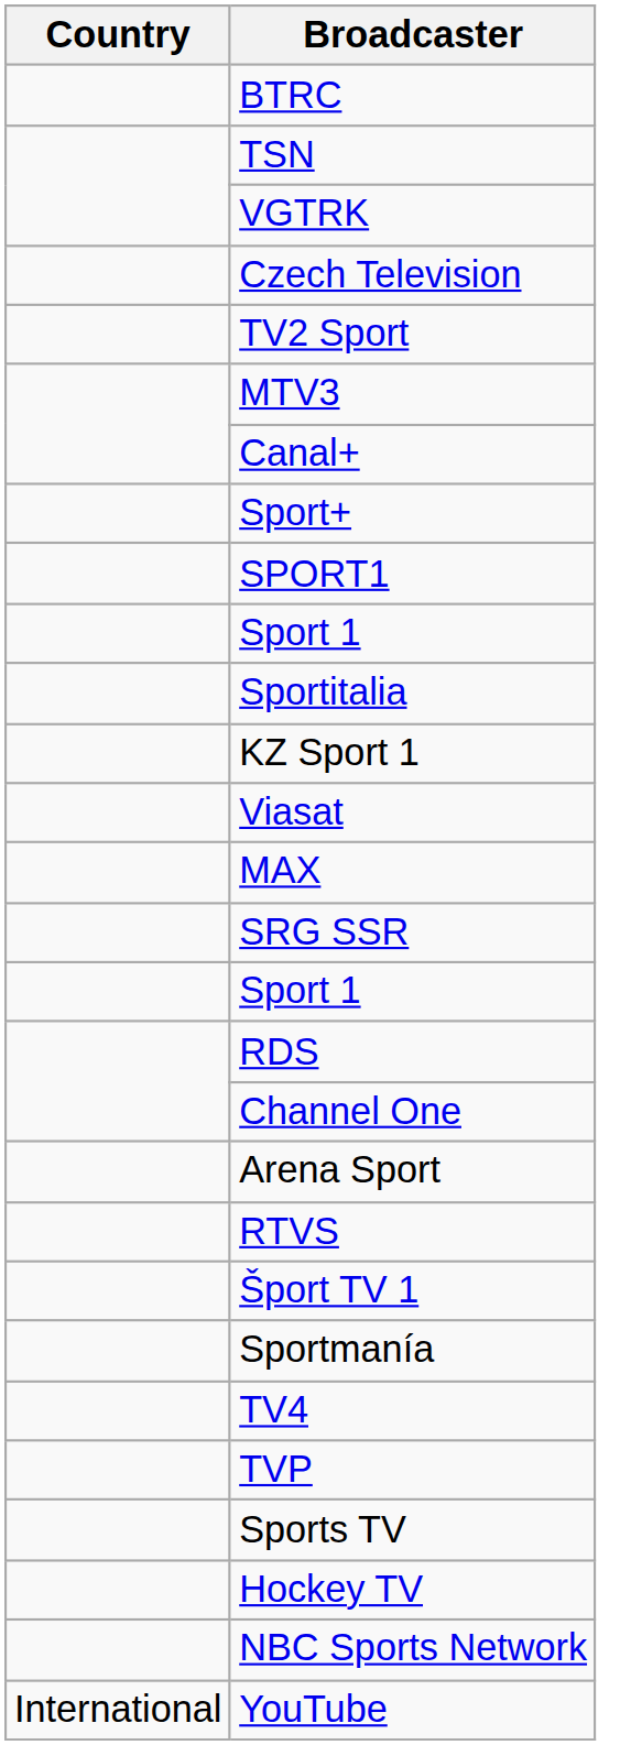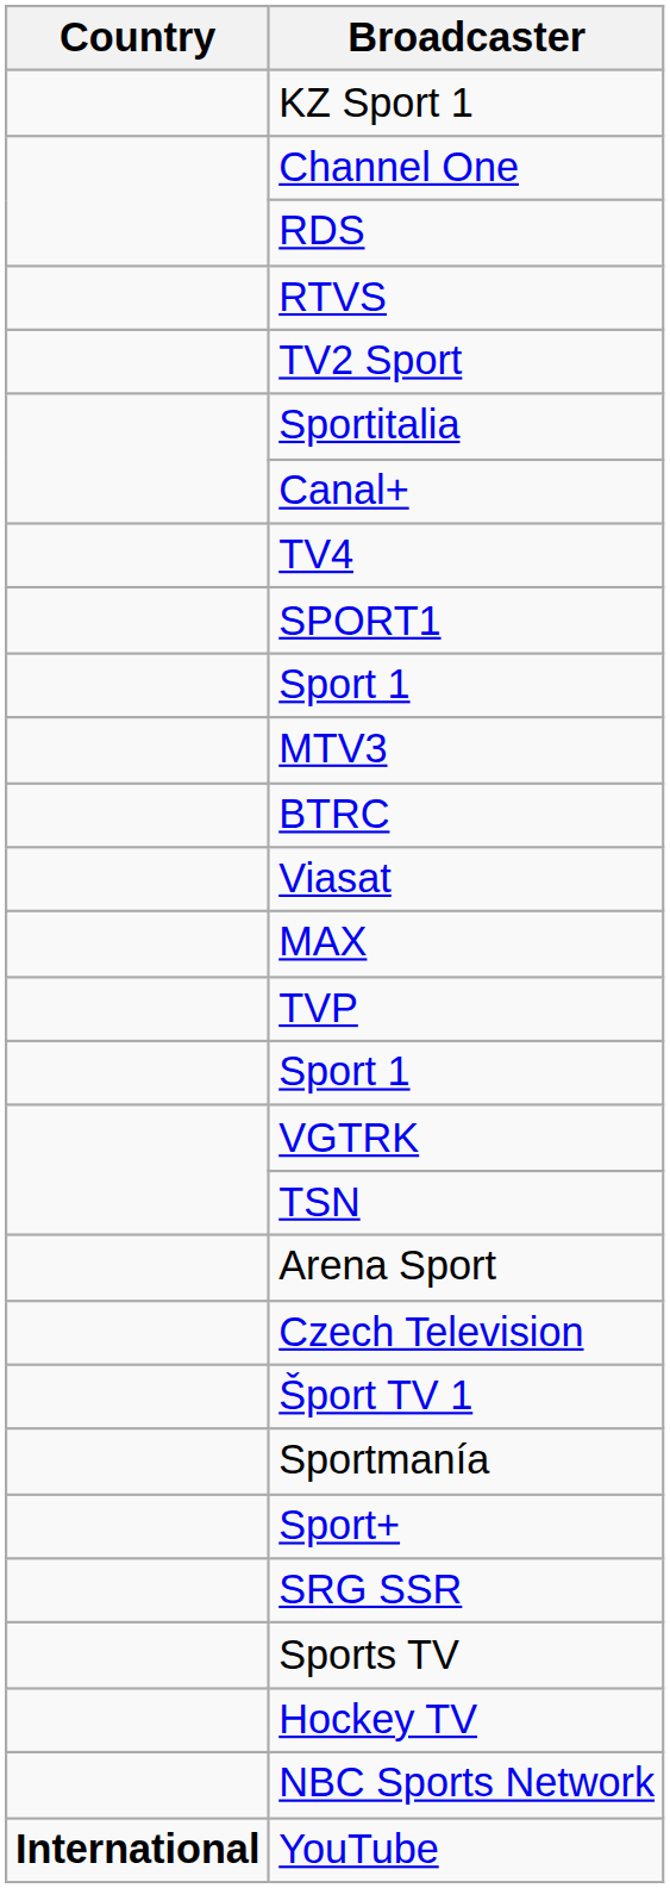 <table class="wikitable">
 <tr>
 <th align=center>Country</th>
 <th align=center>Broadcaster</th>
 </tr>
 <tr>
 <td align=left></td>
-<td><a href='#'>BTRC</a></td>
+<td>KZ Sport 1</td>
 </tr>
 <tr>
 <td style="text-align:left;" rowspan="2"></td>
-<td><a href='#'>TSN</a></td>
+<td><a href='#'>Channel One</a></td>
 </tr>
 <tr>
-<td><a href='#'>VGTRK</a></td>
+<td><a href='#'>RDS</a></td>
 </tr>
 <tr>
 <td></td>
-<td><a href='#'>Czech Television</a></td>
+<td><a href='#'>RTVS</a></td>
 </tr>
 <tr>
 <td></td>
 <td><a href='#'>TV2 Sport</a></td>
 </tr>
 <tr>
 <td style="text-align:left;" rowspan="2"></td>
-<td><a href='#'>MTV3</a></td>
+<td><a href='#'>Sportitalia</a></td>
 </tr>
 <tr>
 <td><a href='#'>Canal+</a></td>
 </tr>
 <tr>
 <td></td>
-<td><a href='#'>Sport+</a></td>
+<td><a href='#'>TV4</a></td>
 </tr>
 <tr>
 <td></td>
 <td><a href='#'>SPORT1</a></td>
 </tr>
 <tr>
 <td></td>
 <td><a href='#'>Sport 1</a></td>
 </tr>
 <tr>
 <td></td>
-<td><a href='#'>Sportitalia</a></td>
+<td><a href='#'>MTV3</a></td>
 </tr>
 <tr>
 <td></td>
-<td>KZ Sport 1</td>
+<td><a href='#'>BTRC</a></td>
 </tr>
 <tr>
 <td></td>
 <td><a href='#'>Viasat</a></td>
 </tr>
 <tr>
 <td></td>
 <td><a href='#'>MAX</a></td>
 </tr>
 <tr>
 <td></td>
-<td><a href='#'>SRG SSR</a></td>
+<td><a href='#'>TVP</a></td>
 </tr>
 <tr>
 <td></td>
 <td><a href='#'>Sport 1</a></td>
 </tr>
 <tr>
 <td style="text-align:left;" rowspan="2"></td>
-<td><a href='#'>RDS</a></td>
+<td><a href='#'>VGTRK</a></td>
 </tr>
 <tr>
-<td><a href='#'>Channel One</a></td>
+<td><a href='#'>TSN</a></td>
 </tr>
 <tr>
 <td></td>
 <td>Arena Sport</td>
 </tr>
 <tr>
 <td></td>
-<td><a href='#'>RTVS</a></td>
+<td><a href='#'>Czech Television</a></td>
 </tr>
 <tr>
 <td></td>
 <td><a href='#'>Šport TV 1</a></td>
 </tr>
 <tr>
 <td></td>
 <td>Sportmanía</td>
 </tr>
 <tr>
 <td></td>
-<td><a href='#'>TV4</a></td>
+<td><a href='#'>Sport+</a></td>
 </tr>
 <tr>
 <td></td>
-<td><a href='#'>TVP</a></td>
+<td><a href='#'>SRG SSR</a></td>
 </tr>
 <tr>
 <td></td>
 <td>Sports TV</td>
 </tr>
 <tr>
 <td></td>
 <td><a href='#'>Hockey TV</a></td>
 </tr>
 <tr>
 <td></td>
 <td><a href='#'>NBC Sports Network</a></td>
 </tr>
 <tr>
-<td>International</td>
+<td><strong>International</strong></td>
 <td><a href='#'>YouTube</a></td>
 </tr>
 </table>
